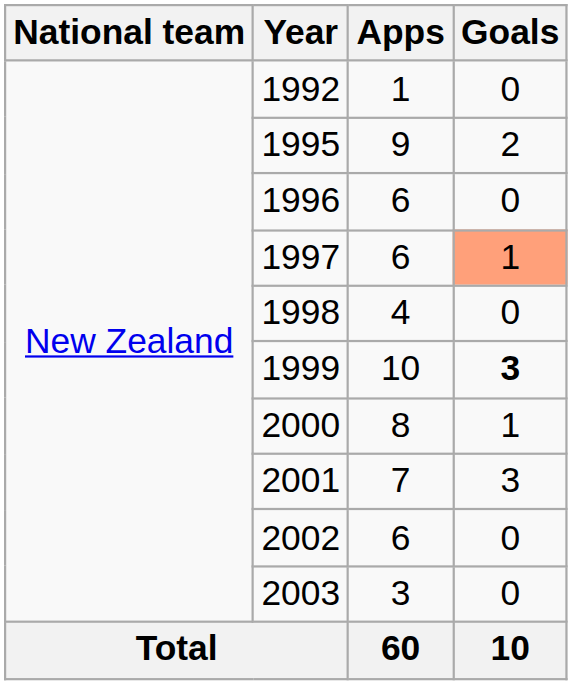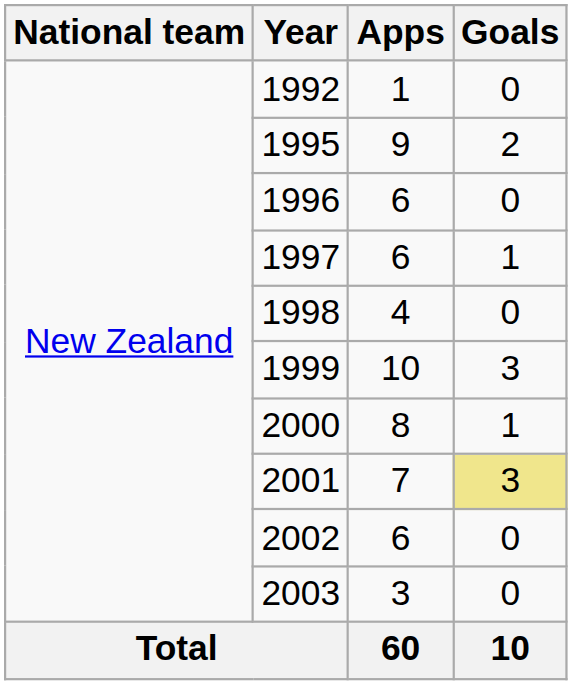 <table class="wikitable" style="text-align:center">
 <tr>
 <th>National team</th>
 <th>Year</th>
 <th>Apps</th>
 <th>Goals</th>
 </tr>
 <tr>
 <td rowspan="10"><a href='#'>New Zealand</a></td>
 <td>1992</td>
 <td>1</td>
 <td>0</td>
 </tr>
 <tr>
 <td>1995</td>
 <td>9</td>
 <td>2</td>
 </tr>
 <tr>
 <td>1996</td>
 <td>6</td>
 <td>0</td>
 </tr>
 <tr>
 <td>1997</td>
 <td>6</td>
-<td style="background: lightsalmon;">1</td>
+<td>1</td>
 </tr>
 <tr>
 <td>1998</td>
 <td>4</td>
 <td>0</td>
 </tr>
 <tr>
 <td>1999</td>
 <td>10</td>
-<td><strong>3</strong></td>
+<td>3</td>
 </tr>
 <tr>
 <td>2000</td>
 <td>8</td>
 <td>1</td>
 </tr>
 <tr>
 <td>2001</td>
 <td>7</td>
-<td>3</td>
+<td style="background: khaki;">3</td>
 </tr>
 <tr>
 <td>2002</td>
 <td>6</td>
 <td>0</td>
 </tr>
 <tr>
 <td>2003</td>
 <td>3</td>
 <td>0</td>
 </tr>
 <tr>
 <th colspan="2">Total</th>
 <th>60</th>
 <th>10</th>
 </tr>
 </table>
